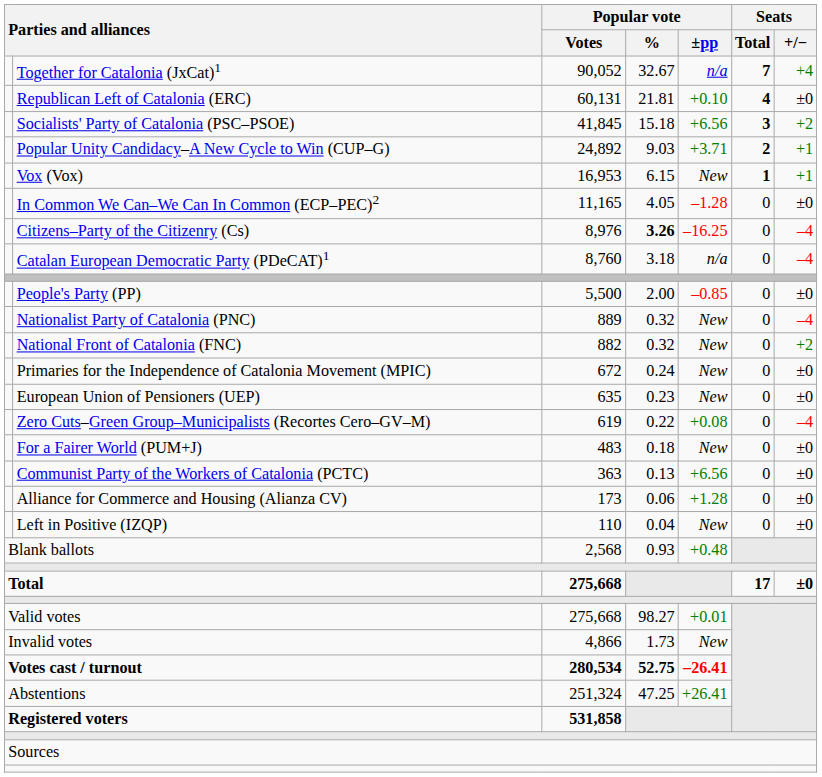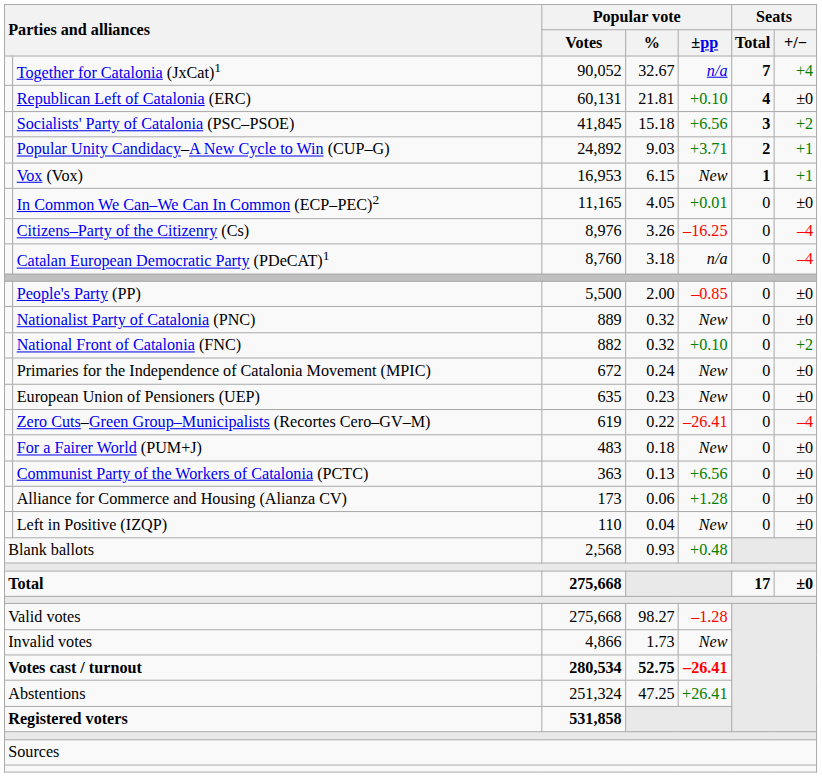 <table class="wikitable" style="text-align:right;">
 <tr>
 <th style="text-align:left;" rowspan="2" colspan="2" width="525">Parties and alliances</th>
 <th colspan="3">Popular vote</th>
 <th colspan="2">Seats</th>
 </tr>
 <tr>
 <th width="75">Votes</th>
 <th width="45">%</th>
 <th width="45">±<a href='#'>pp</a></th>
 <th width="35">Total</th>
 <th width="35">+/−</th>
 </tr>
 <tr>
 <td width="1" style="color:inherit;background:"></td>
 <td align="left"><a href='#'>Together for Catalonia</a> (JxCat)<sup>1</sup></td>
 <td>90,052</td>
 <td>32.67</td>
 <td><em><a href='#'>n/a</a></em></td>
 <td><strong>7</strong></td>
 <td style="color:green;">+4</td>
 </tr>
 <tr>
 <td style="color:inherit;background:"></td>
 <td align="left"><a href='#'>Republican Left of Catalonia</a> (ERC)</td>
 <td>60,131</td>
 <td>21.81</td>
 <td style="color:green;">+0.10</td>
 <td><strong>4</strong></td>
 <td>±0</td>
 </tr>
 <tr>
 <td style="color:inherit;background:"></td>
 <td align="left"><a href='#'>Socialists' Party of Catalonia</a> (PSC–PSOE)</td>
 <td>41,845</td>
 <td>15.18</td>
 <td style="color:green;">+6.56</td>
 <td><strong>3</strong></td>
 <td style="color:green;">+2</td>
 </tr>
 <tr>
 <td style="color:inherit;background:"></td>
 <td align="left"><a href='#'>Popular Unity Candidacy</a>–<a href='#'>A New Cycle to Win</a> (CUP–G)</td>
 <td>24,892</td>
 <td>9.03</td>
 <td style="color:green;">+3.71</td>
 <td><strong>2</strong></td>
 <td style="color:green;">+1</td>
 </tr>
 <tr>
 <td style="color:inherit;background:"></td>
 <td align="left"><a href='#'>Vox</a> (Vox)</td>
 <td>16,953</td>
 <td>6.15</td>
 <td><em>New</em></td>
 <td><strong>1</strong></td>
 <td style="color:green;">+1</td>
 </tr>
 <tr>
 <td style="color:inherit;background:"></td>
 <td align="left"><a href='#'>In Common We Can–We Can In Common</a> (ECP–PEC)<sup>2</sup></td>
 <td>11,165</td>
 <td>4.05</td>
-<td style="color:red;">–1.28</td>
+<td style="color:green;">+0.01</td>
 <td>0</td>
 <td>±0</td>
 </tr>
 <tr>
 <td style="color:inherit;background:"></td>
 <td align="left"><a href='#'>Citizens–Party of the Citizenry</a> (Cs)</td>
 <td>8,976</td>
-<td><strong>3.26</strong></td>
+<td>3.26</td>
 <td style="color:red;">–16.25</td>
 <td>0</td>
 <td style="color:red;">–4</td>
 </tr>
 <tr>
 <td style="color:inherit;background:"></td>
 <td align="left"><a href='#'>Catalan European Democratic Party</a> (PDeCAT)<sup>1</sup></td>
 <td>8,760</td>
 <td>3.18</td>
 <td><em>n/a</em></td>
 <td>0</td>
 <td style="color:red;">–4</td>
 </tr>
 <tr>
 <td colspan="7" bgcolor="#C0C0C0"></td>
 </tr>
 <tr>
 <td style="color:inherit;background:"></td>
 <td align="left"><a href='#'>People's Party</a> (PP)</td>
 <td>5,500</td>
 <td>2.00</td>
 <td style="color:red;">–0.85</td>
 <td>0</td>
 <td>±0</td>
 </tr>
 <tr>
 <td style="color:inherit;background:"></td>
 <td align="left"><a href='#'>Nationalist Party of Catalonia</a> (PNC)</td>
 <td>889</td>
 <td>0.32</td>
 <td><em>New</em></td>
 <td>0</td>
-<td style="color:red;">–4</td>
+<td>±0</td>
 </tr>
 <tr>
 <td style="color:inherit;background:"></td>
 <td align="left"><a href='#'>National Front of Catalonia</a> (FNC)</td>
 <td>882</td>
 <td>0.32</td>
-<td><em>New</em></td>
+<td style="color:green;">+0.10</td>
 <td>0</td>
 <td style="color:green;">+2</td>
 </tr>
 <tr>
 <td style="color:inherit;background:"></td>
 <td align="left">Primaries for the Independence of Catalonia Movement (MPIC)</td>
 <td>672</td>
 <td>0.24</td>
 <td><em>New</em></td>
 <td>0</td>
 <td>±0</td>
 </tr>
 <tr>
 <td style="color:inherit;background:"></td>
 <td align="left">European Union of Pensioners (UEP)</td>
 <td>635</td>
 <td>0.23</td>
 <td><em>New</em></td>
 <td>0</td>
 <td>±0</td>
 </tr>
 <tr>
 <td style="color:inherit;background:"></td>
 <td align="left"><a href='#'>Zero Cuts</a>–<a href='#'>Green Group–Municipalists</a> (Recortes Cero–GV–M)</td>
 <td>619</td>
 <td>0.22</td>
-<td style="color:green;">+0.08</td>
+<td style="color:red;">–26.41</td>
 <td>0</td>
 <td style="color:red;">–4</td>
 </tr>
 <tr>
 <td style="color:inherit;background:"></td>
 <td align="left"><a href='#'>For a Fairer World</a> (PUM+J)</td>
 <td>483</td>
 <td>0.18</td>
 <td><em>New</em></td>
 <td>0</td>
 <td>±0</td>
 </tr>
 <tr>
 <td style="color:inherit;background:"></td>
 <td align="left"><a href='#'>Communist Party of the Workers of Catalonia</a> (PCTC)</td>
 <td>363</td>
 <td>0.13</td>
 <td style="color:green;">+6.56</td>
 <td>0</td>
 <td>±0</td>
 </tr>
 <tr>
 <td style="color:inherit;background:"></td>
 <td align="left">Alliance for Commerce and Housing (Alianza CV)</td>
 <td>173</td>
 <td>0.06</td>
 <td style="color:green;">+1.28</td>
 <td>0</td>
 <td>±0</td>
 </tr>
 <tr>
 <td style="color:inherit;background:"></td>
 <td align="left">Left in Positive (IZQP)</td>
 <td>110</td>
 <td>0.04</td>
 <td><em>New</em></td>
 <td>0</td>
 <td>±0</td>
 </tr>
 <tr>
 <td align="left" colspan="2">Blank ballots</td>
 <td>2,568</td>
 <td>0.93</td>
 <td style="color:green;">+0.48</td>
 <td bgcolor="#E9E9E9" colspan="2"></td>
 </tr>
 <tr>
 <td colspan="7" bgcolor="#E9E9E9"></td>
 </tr>
 <tr style="font-weight:bold;">
 <td align="left" colspan="2">Total</td>
 <td>275,668</td>
 <td bgcolor="#E9E9E9" colspan="2"></td>
 <td>17</td>
 <td>±0</td>
 </tr>
 <tr>
 <td colspan="7" bgcolor="#E9E9E9"></td>
 </tr>
 <tr>
 <td align="left" colspan="2">Valid votes</td>
 <td>275,668</td>
 <td>98.27</td>
-<td style="color:green;">+0.01</td>
+<td style="color:red;">–1.28</td>
 <td bgcolor="#E9E9E9" colspan="2" rowspan="5"></td>
 </tr>
 <tr>
 <td align="left" colspan="2">Invalid votes</td>
 <td>4,866</td>
 <td>1.73</td>
 <td><em>New</em></td>
 </tr>
 <tr style="font-weight:bold;">
 <td align="left" colspan="2">Votes cast / turnout</td>
 <td>280,534</td>
 <td>52.75</td>
 <td style="color:red;">–26.41</td>
 </tr>
 <tr>
 <td align="left" colspan="2">Abstentions</td>
 <td>251,324</td>
 <td>47.25</td>
 <td style="color:green;">+26.41</td>
 </tr>
 <tr style="font-weight:bold;">
 <td align="left" colspan="2">Registered voters</td>
 <td>531,858</td>
 <td bgcolor="#E9E9E9" colspan="2"></td>
 </tr>
 <tr>
 <td colspan="7" bgcolor="#E9E9E9"></td>
 </tr>
 <tr>
 <td align="left" colspan="7">Sources</td>
 </tr>
 <tr>
 <td colspan="7" style="text-align:left; max-width:790px;"></td>
 </tr>
 </table>
